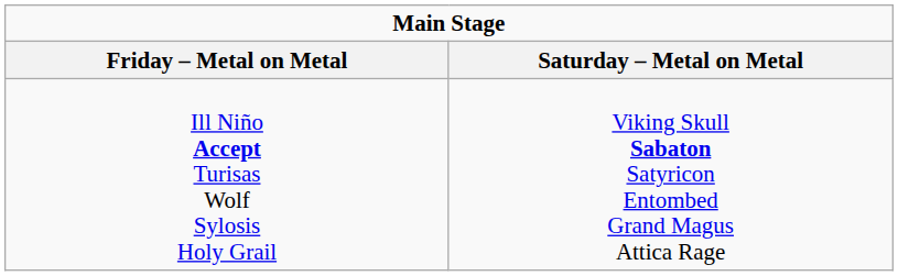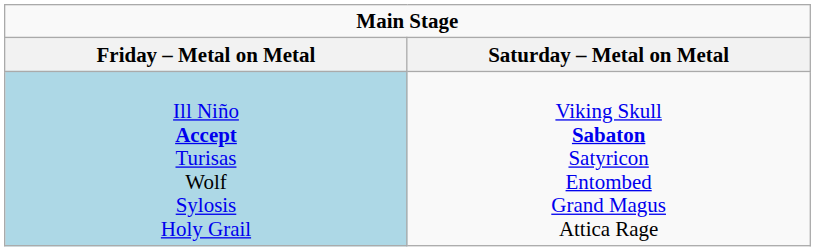 <table class="wikitable">
 <tr>
 <td colspan="3" align="center"><strong>Main Stage</strong></td>
 </tr>
 <tr>
 <th>Friday – Metal on Metal</th>
 <th>Saturday – Metal on Metal</th>
 </tr>
 <tr>
-<td valign="top" align="center" width=300><br><a href='#'>Ill Niño</a><br> <strong><a href='#'>Accept</a></strong><br> <a href='#'>Turisas</a><br> Wolf<br> <a href='#'>Sylosis</a><br> <a href='#'>Holy Grail</a><br></td>
+<td valign="top" align="center" width=300 style="background: lightblue;"><br><a href='#'>Ill Niño</a><br> <strong><a href='#'>Accept</a></strong><br> <a href='#'>Turisas</a><br> Wolf<br> <a href='#'>Sylosis</a><br> <a href='#'>Holy Grail</a><br></td>
 <td valign="top" align="center" width=300><br><a href='#'>Viking Skull</a><br> <strong><a href='#'>Sabaton</a></strong><br> <a href='#'>Satyricon</a><br> <a href='#'>Entombed</a><br> <a href='#'>Grand Magus</a><br> Attica Rage<br></td>
 </tr>
 </table>
